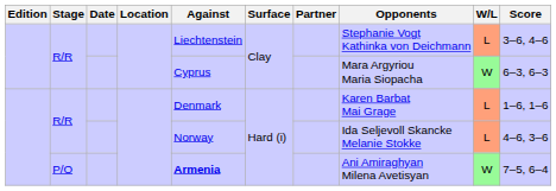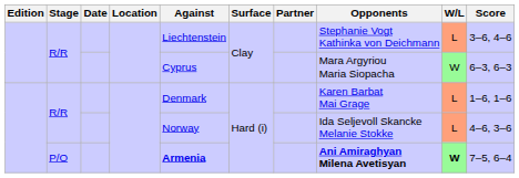 <table class=wikitable style=font-size:97%>
 <tr>
 <th>Edition</th>
 <th>Stage</th>
 <th>Date</th>
 <th>Location</th>
 <th>Against</th>
 <th>Surface</th>
 <th>Partner</th>
 <th>Opponents</th>
 <th>W/L</th>
 <th>Score</th>
 </tr>
 <tr style="background:#ccf;">
 <td rowspan="2"></td>
 <td rowspan="2"><a href='#'>R/R</a></td>
 <td></td>
 <td rowspan="2"></td>
 <td> <a href='#'>Liechtenstein</a></td>
 <td rowspan="2">Clay</td>
 <td> </td>
 <td> <a href='#'>Stephanie Vogt</a> <br>  <a href='#'>Kathinka von Deichmann</a></td>
 <td style="text-align:center; background:#ffa07a;">L</td>
 <td>3–6, 4–6</td>
 </tr>
 <tr style="background:#ccf;">
 <td></td>
 <td> <a href='#'>Cyprus</a></td>
 <td> </td>
 <td> Mara Argyriou <br>  Maria Siopacha</td>
 <td style="text-align:center; background:#98fb98;">W</td>
 <td>6–3, 6–3</td>
 </tr>
 <tr style="background:#ccf;">
 <td rowspan="3"></td>
 <td rowspan="2"><a href='#'>R/R</a></td>
 <td></td>
 <td rowspan="3"></td>
 <td> <a href='#'>Denmark</a></td>
 <td rowspan="3">Hard (i)</td>
 <td> </td>
 <td> <a href='#'>Karen Barbat</a> <br>  <a href='#'>Mai Grage</a></td>
 <td style="text-align:center; background:#ffa07a;">L</td>
 <td>1–6, 1–6</td>
 </tr>
 <tr style="background:#ccf;">
 <td></td>
 <td> <a href='#'>Norway</a></td>
 <td> </td>
 <td> Ida Seljevoll Skancke <br>  <a href='#'>Melanie Stokke</a></td>
 <td style="text-align:center; background:#ffa07a;">L</td>
 <td>4–6, 3–6</td>
 </tr>
 <tr style="background:#ccf;">
 <td rowspan="1"><a href='#'>P/O</a></td>
 <td></td>
 <td><strong> <a href='#'>Armenia</a></strong></td>
 <td> </td>
-<td> <a href='#'>Ani Amiraghyan</a> <br>  Milena Avetisyan</td>
-<td style="text-align:center; background:#98fb98;">W</td>
+<td><strong> <a href='#'>Ani Amiraghyan</a> <br>  Milena Avetisyan</strong></td>
+<td style="text-align:center; background:#98fb98;"><strong>W</strong></td>
 <td>7–5, 6–4</td>
 </tr>
 </table>
